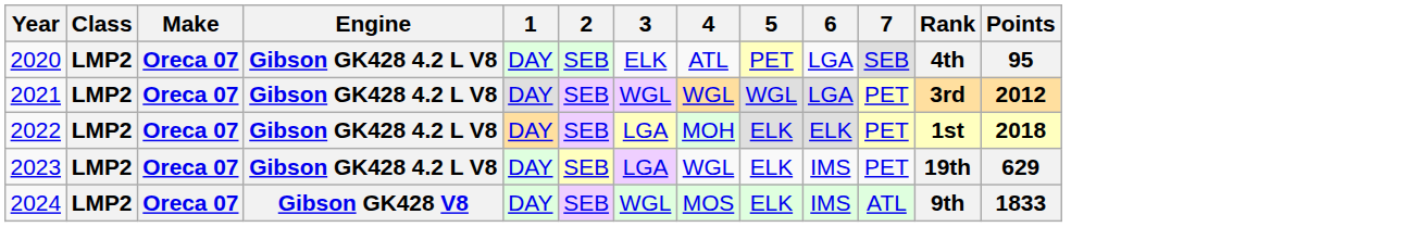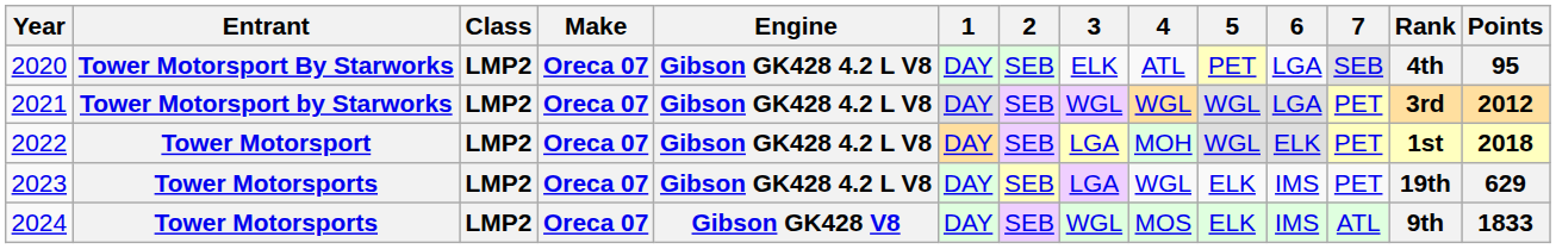 <table class="wikitable" style="text-align:center; font-size:90%">
 <tr>
 <th>Year</th>
+<th>Entrant</th>
 <th>Class</th>
 <th>Make</th>
 <th>Engine</th>
 <th>1</th>
 <th>2</th>
 <th>3</th>
 <th>4</th>
 <th>5</th>
 <th>6</th>
 <th>7</th>
 <th>Rank</th>
 <th>Points</th>
 </tr>
 <tr>
 <td><a href='#'>2020</a></td>
+<th><a href='#'>Tower Motorsport By Starworks</a></th>
 <th>LMP2</th>
 <th><a href='#'>Oreca 07</a></th>
 <th><a href='#'>Gibson</a> GK428 4.2 L V8</th>
 <td style="background:#DFFFDF;"><a href='#'>DAY</a><br></td>
 <td style="background:#DFFFDF;"><a href='#'>SEB</a><br></td>
 <td style="background:#;"><a href='#'>ELK</a></td>
 <td style="background:#;"><a href='#'>ATL</a></td>
 <td style="background:#FFFFBF;"><a href='#'>PET</a><br></td>
 <td style="background:#;"><a href='#'>LGA</a></td>
 <td style="background:#DFDFDF;"><a href='#'>SEB</a><br></td>
 <th>4th</th>
 <th>95</th>
 </tr>
 <tr>
 <td><a href='#'>2021</a></td>
+<th><a href='#'>Tower Motorsport by Starworks</a></th>
 <th>LMP2</th>
 <th><a href='#'>Oreca 07</a></th>
 <th><a href='#'>Gibson</a> GK428 4.2 L V8</th>
 <td style="background:#DFDFDF;"><a href='#'>DAY</a><br></td>
 <td style="background:#EFCFFF;"><a href='#'>SEB</a><br></td>
 <td style="background:#EFCFFF;"><a href='#'>WGL</a><br></td>
 <td style="background:#FFDF9F;"><a href='#'>WGL</a><br></td>
 <td style="background:#DFDFDF;"><a href='#'>WGL</a><br></td>
 <td style="background:#DFDFDF;"><a href='#'>LGA</a><br></td>
 <td style="background:#FFFFBF;"><a href='#'>PET</a><br></td>
 <th style="background:#FFDF9F;">3rd</th>
 <th style="background:#FFDF9F;">2012</th>
 </tr>
 <tr>
 <td><a href='#'>2022</a></td>
+<th><a href='#'>Tower Motorsport</a></th>
 <th>LMP2</th>
 <th><a href='#'>Oreca 07</a></th>
 <th><a href='#'>Gibson</a> GK428 4.2 L V8</th>
 <td style="background:#FFDF9F;"><a href='#'>DAY</a><br></td>
 <td style="background:#EFCFFF;"><a href='#'>SEB</a><br></td>
 <td style="background:#FFFFBF;"><a href='#'>LGA</a><br></td>
 <td style="background:#DFFFDF;"><a href='#'>MOH</a><br></td>
-<td style="background:#DFDFDF;"><a href='#'>ELK</a><br></td>
+<td style="background:#DFDFDF;"><a href='#'>WGL</a><br></td>
 <td style="background:#DFDFDF;"><a href='#'>ELK</a><br> </td>
 <td style="background:#FFFFBF;"><a href='#'>PET</a><br> </td>
 <th style="background:#FFFFBF;">1st</th>
 <th style="background:#FFFFBF;">2018</th>
 </tr>
 <tr>
 <td><a href='#'>2023</a></td>
+<th><a href='#'>Tower Motorsports</a></th>
 <th>LMP2</th>
 <th><a href='#'>Oreca 07</a></th>
 <th><a href='#'>Gibson</a> GK428 4.2 L V8</th>
 <td style="background:#DFFFDF;"><a href='#'>DAY</a><br></td>
 <td style="background:#FFFFBF;"><a href='#'>SEB</a><br></td>
 <td style="background:#EFCFFF;"><a href='#'>LGA</a><br></td>
 <td style="background:#;"><a href='#'>WGL</a><br></td>
 <td style="background:#;"><a href='#'>ELK</a><br></td>
 <td style="background:#;"><a href='#'>IMS</a></td>
 <td style="background:#;"><a href='#'>PET</a><br></td>
 <th>19th</th>
 <th>629</th>
 </tr>
 <tr>
 <td><a href='#'>2024</a></td>
+<th><a href='#'>Tower Motorsports</a></th>
 <th>LMP2</th>
 <th><a href='#'>Oreca 07</a></th>
 <th><a href='#'>Gibson</a> GK428 <a href='#'>V8</a></th>
 <td style="background:#DFFFDF;"><a href='#'>DAY</a><br></td>
 <td style="background:#EFCFFF;"><a href='#'>SEB</a><br></td>
 <td style="background:#DFFFDF;"><a href='#'>WGL</a><br></td>
 <td style="background:#DFFFDF;"><a href='#'>MOS</a><br></td>
 <td style="background:#DFFFDF;"><a href='#'>ELK</a><br></td>
 <td style="background:#DFFFDF;"><a href='#'>IMS</a><br></td>
 <td style="background:#DFFFDF;"><a href='#'>ATL</a><br></td>
 <th>9th</th>
 <th>1833</th>
 </tr>
 </table>
